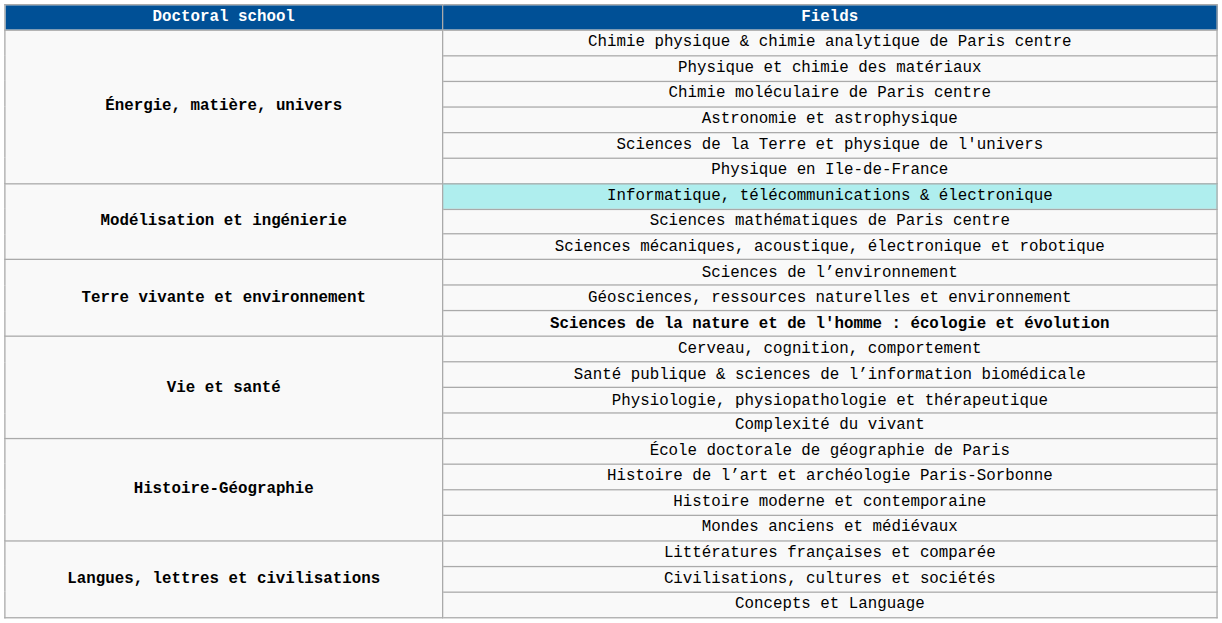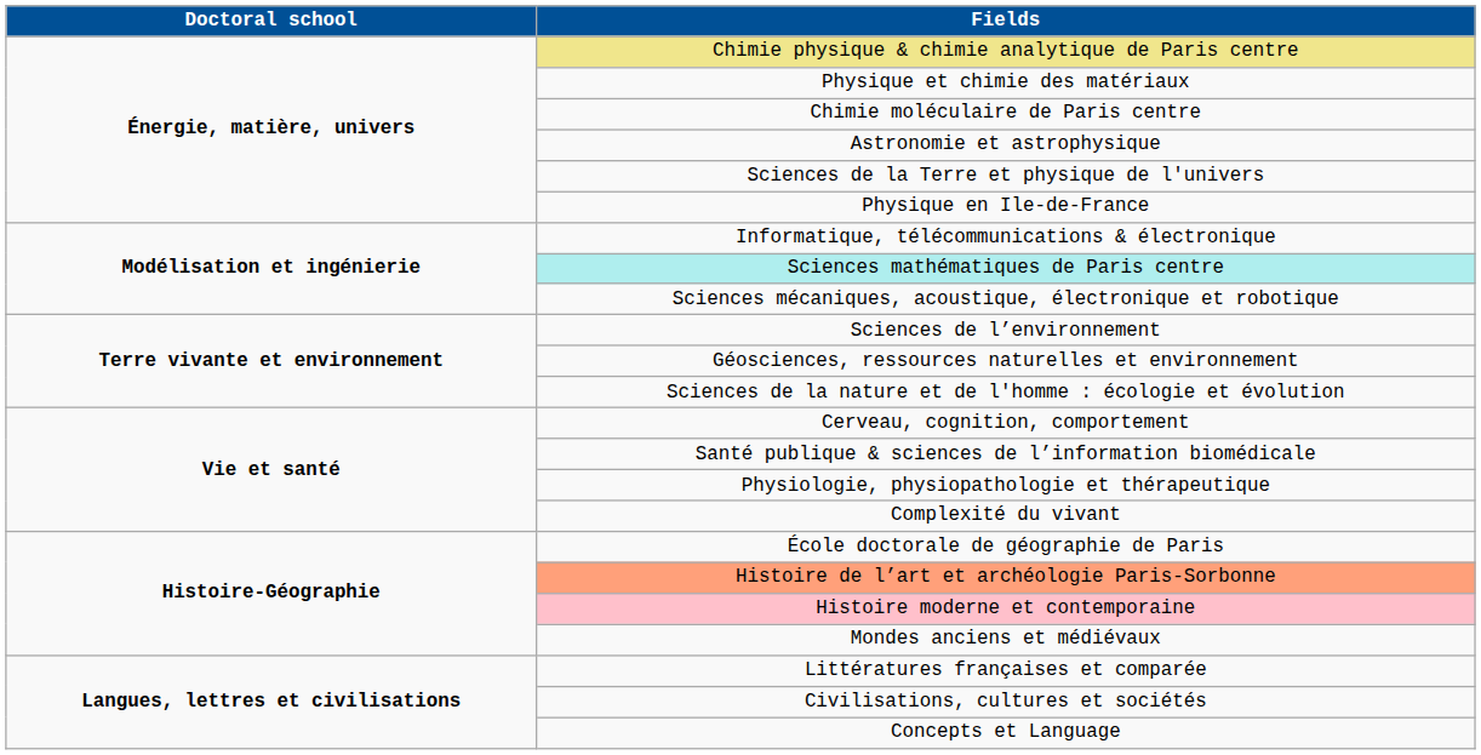 <table class="wikitable alternance center" style="font-size:95%;width:75%;margin: 1em auto 1em auto;">
 <tr>
 <th scope="col" style="color:#fff; background:#005096;">Doctoral school</th>
 <th scope="col" style="color:#fff; background:#005096;">Fields</th>
 </tr>
 <tr style="text-align:center;">
 <td rowspan="6"><strong>Énergie, matière, univers</strong></td>
-<td style="text-align:center;">Chimie physique & chimie analytique de Paris centre</td>
+<td style="background: khaki; text-align:center;">Chimie physique & chimie analytique de Paris centre</td>
 </tr>
 <tr>
 <td style="text-align:center;">Physique et chimie des matériaux</td>
 </tr>
 <tr>
 <td style="text-align:center;">Chimie moléculaire de Paris centre</td>
 </tr>
 <tr>
 <td style="text-align:center;">Astronomie et astrophysique</td>
 </tr>
 <tr>
 <td style="text-align:center;">Sciences de la Terre et physique de l'univers</td>
 </tr>
 <tr>
 <td style="text-align:center;">Physique en Ile-de-France</td>
 </tr>
 <tr style="text-align:center;">
 <td rowspan="3"><strong>Modélisation et ingénierie</strong></td>
-<td style="background: paleturquoise; text-align:center;">Informatique, télécommunications & électronique</td>
+<td style="text-align:center;">Informatique, télécommunications & électronique</td>
 </tr>
 <tr>
-<td style="text-align:center;">Sciences mathématiques de Paris centre</td>
+<td style="background: paleturquoise; text-align:center;">Sciences mathématiques de Paris centre</td>
 </tr>
 <tr>
 <td style="text-align:center;">Sciences mécaniques, acoustique, électronique et robotique</td>
 </tr>
 <tr style="text-align:center;">
 <td rowspan="3"><strong>Terre vivante et environnement</strong></td>
 <td style="text-align:center;">Sciences de l’environnement</td>
 </tr>
 <tr>
 <td style="text-align:center;">Géosciences, ressources naturelles et environnement</td>
 </tr>
 <tr>
-<td style="text-align:center;"><strong>Sciences de la nature et de l'homme : écologie et évolution</strong></td>
+<td style="text-align:center;">Sciences de la nature et de l'homme : écologie et évolution</td>
 </tr>
 <tr style="text-align:center;">
 <td rowspan="4"><strong>Vie et santé</strong></td>
 <td style="text-align:center;">Cerveau, cognition, comportement</td>
 </tr>
 <tr>
 <td style="text-align:center;">Santé publique & sciences de l’information biomédicale</td>
 </tr>
 <tr>
 <td style="text-align:center;">Physiologie, physiopathologie et thérapeutique</td>
 </tr>
 <tr>
 <td style="text-align:center;">Complexité du vivant</td>
 </tr>
 <tr style="text-align:center;">
 <td rowspan="4"><strong>Histoire-Géographie</strong></td>
 <td style="text-align:center;">École doctorale de géographie de Paris</td>
 </tr>
 <tr>
-<td style="text-align:center;">Histoire de l’art et archéologie Paris-Sorbonne</td>
+<td style="background: lightsalmon; text-align:center;">Histoire de l’art et archéologie Paris-Sorbonne</td>
 </tr>
 <tr>
-<td style="text-align:center;">Histoire moderne et contemporaine</td>
+<td style="background: pink; text-align:center;">Histoire moderne et contemporaine</td>
 </tr>
 <tr>
 <td style="text-align:center;">Mondes anciens et médiévaux</td>
 </tr>
 <tr style="text-align:center;">
 <td rowspan="3"><strong>Langues, lettres et civilisations</strong></td>
 <td style="text-align:center;">Littératures françaises et comparée</td>
 </tr>
 <tr>
 <td style="text-align:center;">Civilisations, cultures et sociétés</td>
 </tr>
 <tr>
 <td style="text-align:center;">Concepts et Language</td>
 </tr>
 </table>
